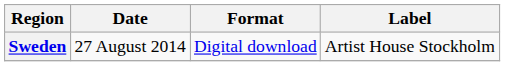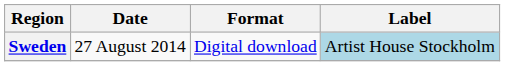 <table class="wikitable sortable plainrowheaders">
 <tr>
 <th scope="col">Region</th>
 <th scope="col">Date</th>
 <th scope="col">Format</th>
 <th scope="col">Label</th>
 </tr>
 <tr>
 <th scope="row"><a href='#'>Sweden</a></th>
 <td>27 August 2014</td>
 <td><a href='#'>Digital download</a></td>
-<td>Artist House Stockholm</td>
+<td style="background: lightblue;">Artist House Stockholm</td>
 </tr>
 <tr>
 </tr>
 </table>
